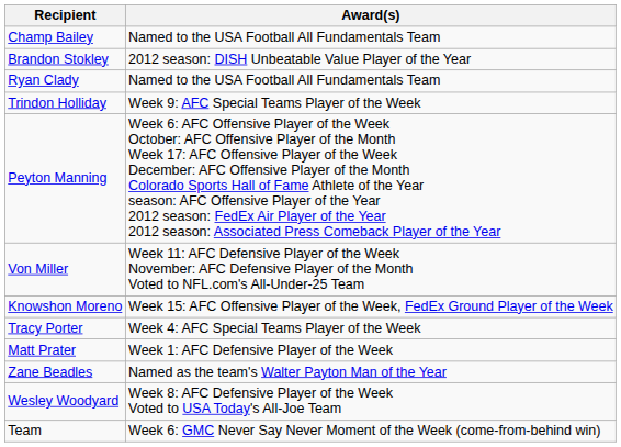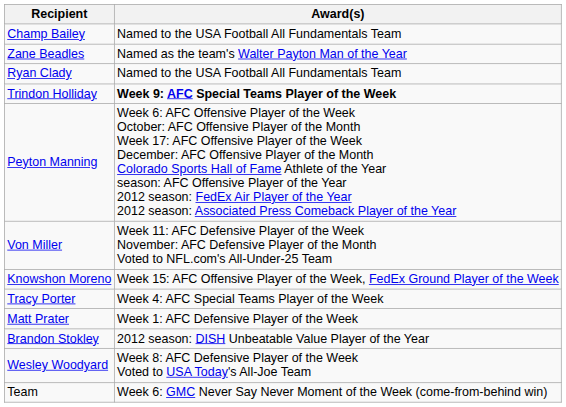 <table class="wikitable">
 <tr>
 <th>Recipient</th>
 <th>Award(s)</th>
 </tr>
 <tr>
 <td><a href='#'>Champ Bailey</a></td>
 <td>Named to the USA Football All Fundamentals Team</td>
 </tr>
 <tr>
-<td><a href='#'>Brandon Stokley</a></td>
-<td>2012 season: <a href='#'>DISH</a> Unbeatable Value Player of the Year</td>
+<td><a href='#'>Zane Beadles</a></td>
+<td>Named as the team's <a href='#'>Walter Payton Man of the Year</a></td>
 </tr>
 <tr>
 <td><a href='#'>Ryan Clady</a></td>
 <td>Named to the USA Football All Fundamentals Team</td>
 </tr>
 <tr>
 <td><a href='#'>Trindon Holliday</a></td>
-<td>Week 9: <a href='#'>AFC</a> Special Teams Player of the Week</td>
+<td><strong>Week 9: <a href='#'>AFC</a> Special Teams Player of the Week</strong></td>
 </tr>
 <tr>
 <td><a href='#'>Peyton Manning</a></td>
 <td>Week 6: AFC Offensive Player of the Week<br>October: AFC Offensive Player of the Month<br>Week 17: AFC Offensive Player of the Week<br>December: AFC Offensive Player of the Month<br><a href='#'>Colorado Sports Hall of Fame</a> Athlete of the Year<br> season: AFC Offensive Player of the Year<br>2012 season: <a href='#'>FedEx Air Player of the Year</a><br>2012 season: <a href='#'>Associated Press Comeback Player of the Year</a></td>
 </tr>
 <tr>
 <td><a href='#'>Von Miller</a></td>
 <td>Week 11: AFC Defensive Player of the Week<br>November: AFC Defensive Player of the Month<br>Voted to NFL.com's All-Under-25 Team</td>
 </tr>
 <tr>
 <td><a href='#'>Knowshon Moreno</a></td>
 <td>Week 15: AFC Offensive Player of the Week, <a href='#'>FedEx Ground Player of the Week</a></td>
 </tr>
 <tr>
 <td><a href='#'>Tracy Porter</a></td>
 <td>Week 4: AFC Special Teams Player of the Week</td>
 </tr>
 <tr>
 <td><a href='#'>Matt Prater</a></td>
 <td>Week 1: AFC Defensive Player of the Week</td>
 </tr>
 <tr>
-<td><a href='#'>Zane Beadles</a></td>
-<td>Named as the team's <a href='#'>Walter Payton Man of the Year</a></td>
+<td><a href='#'>Brandon Stokley</a></td>
+<td>2012 season: <a href='#'>DISH</a> Unbeatable Value Player of the Year</td>
 </tr>
 <tr>
 <td><a href='#'>Wesley Woodyard</a></td>
 <td>Week 8: AFC Defensive Player of the Week<br>Voted to <a href='#'>USA Today</a>'s All-Joe Team</td>
 </tr>
 <tr>
 <td>Team</td>
 <td>Week 6: <a href='#'>GMC</a> Never Say Never Moment of the Week (come-from-behind win)</td>
 </tr>
 </table>
